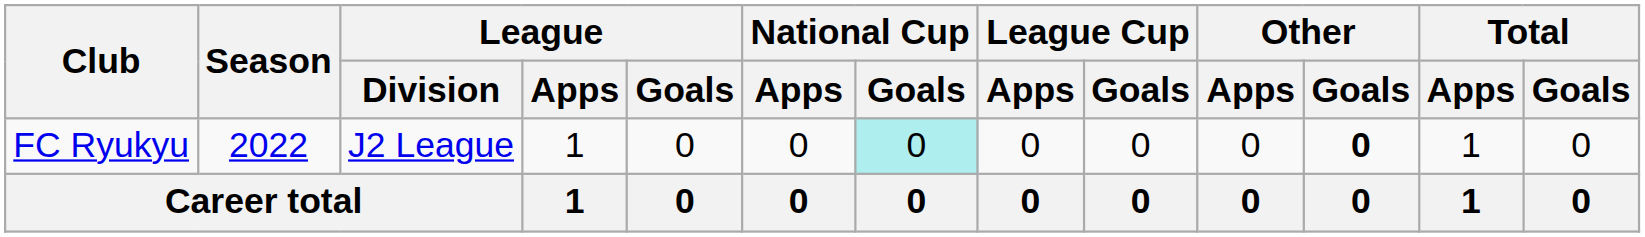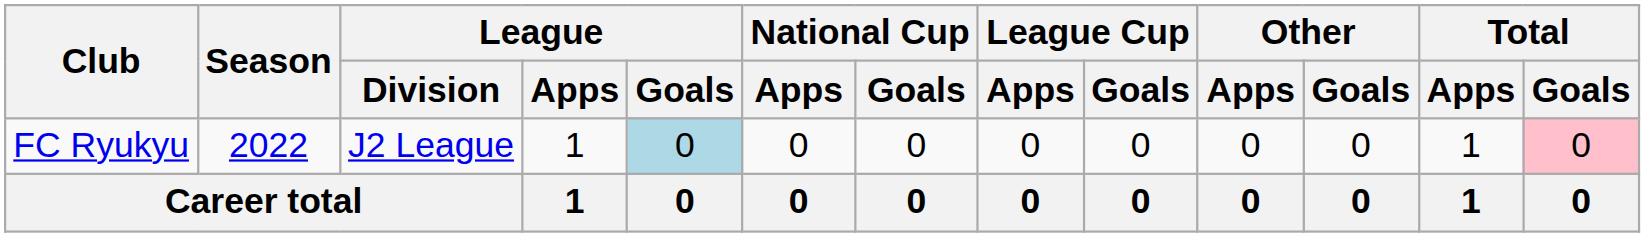 <table class="wikitable" style="text-align: center">
 <tr>
 <th rowspan="2">Club</th>
 <th rowspan="2">Season</th>
 <th colspan="3">League</th>
 <th colspan="2">National Cup</th>
 <th colspan="2">League Cup</th>
 <th colspan="2">Other</th>
 <th colspan="2">Total</th>
 </tr>
 <tr>
 <th>Division</th>
 <th>Apps</th>
 <th>Goals</th>
 <th>Apps</th>
 <th>Goals</th>
 <th>Apps</th>
 <th>Goals</th>
 <th>Apps</th>
 <th>Goals</th>
 <th>Apps</th>
 <th>Goals</th>
 </tr>
 <tr>
 <td><a href='#'>FC Ryukyu</a></td>
 <td><a href='#'>2022</a></td>
 <td><a href='#'>J2 League</a></td>
 <td>1</td>
-<td>0</td>
-<td>0</td>
-<td style="background: paleturquoise;">0</td>
+<td style="background: lightblue;">0</td>
 <td>0</td>
 <td>0</td>
 <td>0</td>
-<td><strong>0</strong></td>
+<td>0</td>
+<td>0</td>
+<td>0</td>
 <td>1</td>
-<td>0</td>
+<td style="background: pink;">0</td>
 </tr>
 <tr>
 <th colspan=3>Career total</th>
 <th>1</th>
 <th>0</th>
 <th>0</th>
 <th>0</th>
 <th>0</th>
 <th>0</th>
 <th>0</th>
 <th>0</th>
 <th>1</th>
 <th>0</th>
 </tr>
 </table>
